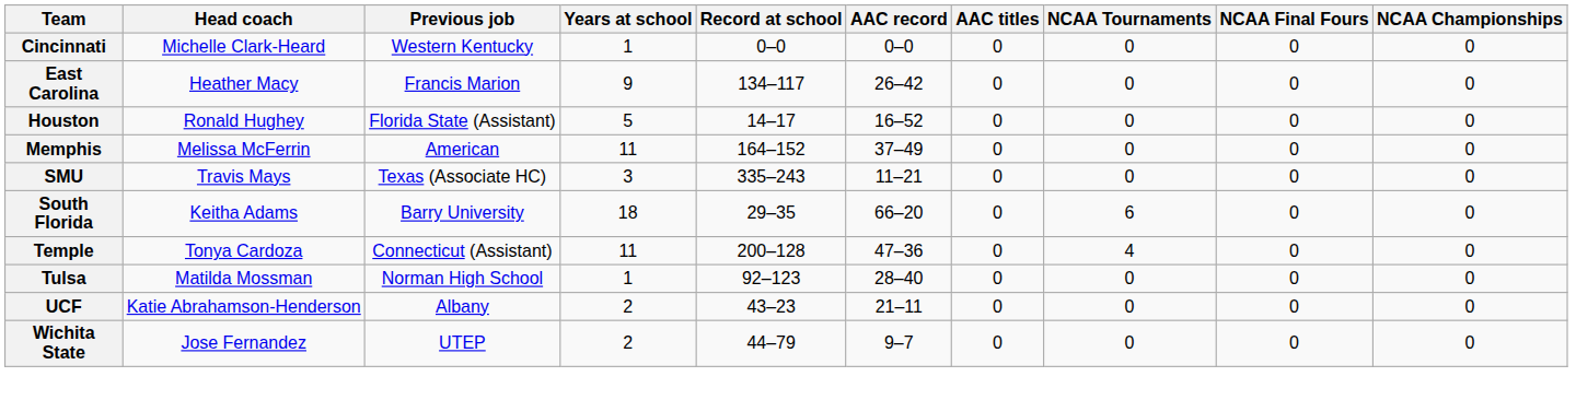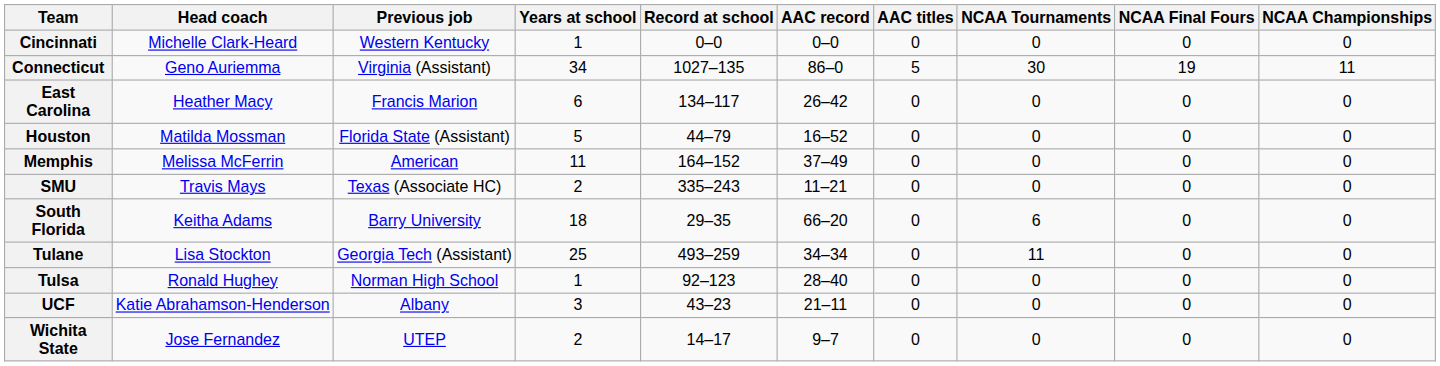 <table class="wikitable sortable" style="text-align: center;font-size:90%;">
 <tr>
 <th width="90">Team</th>
 <th>Head coach</th>
 <th>Previous job</th>
 <th>Years at school</th>
 <th>Record at school</th>
 <th>AAC record</th>
 <th>AAC titles</th>
 <th>NCAA Tournaments</th>
 <th>NCAA Final Fours</th>
 <th>NCAA Championships</th>
 </tr>
 <tr>
 <th>Cincinnati</th>
 <td><a href='#'>Michelle Clark-Heard</a></td>
 <td><a href='#'>Western Kentucky</a></td>
 <td>1</td>
 <td>0–0</td>
 <td>0–0</td>
 <td>0</td>
 <td>0</td>
 <td>0</td>
 <td>0</td>
 </tr>
 <tr>
+<th>Connecticut</th>
+<td><a href='#'>Geno Auriemma</a></td>
+<td><a href='#'>Virginia</a> (Assistant)</td>
+<td>34</td>
+<td>1027–135</td>
+<td>86–0</td>
+<td>5</td>
+<td>30</td>
+<td>19</td>
+<td>11</td>
+</tr>
+<tr>
 <th>East Carolina</th>
 <td><a href='#'>Heather Macy</a></td>
 <td><a href='#'>Francis Marion</a></td>
-<td>9</td>
+<td>6</td>
 <td>134–117</td>
 <td>26–42</td>
 <td>0</td>
 <td>0</td>
 <td>0</td>
 <td>0</td>
 </tr>
 <tr>
 <th>Houston</th>
-<td><a href='#'>Ronald Hughey</a></td>
+<td><a href='#'>Matilda Mossman</a></td>
 <td><a href='#'>Florida State</a> (Assistant)</td>
 <td>5</td>
-<td>14–17</td>
+<td>44–79</td>
 <td>16–52</td>
 <td>0</td>
 <td>0</td>
 <td>0</td>
 <td>0</td>
 </tr>
 <tr>
 <th>Memphis</th>
 <td><a href='#'>Melissa McFerrin</a></td>
 <td><a href='#'>American</a></td>
 <td>11</td>
 <td>164–152</td>
 <td>37–49</td>
 <td>0</td>
 <td>0</td>
 <td>0</td>
 <td>0</td>
 </tr>
 <tr>
 <th>SMU</th>
 <td><a href='#'>Travis Mays</a></td>
 <td><a href='#'>Texas</a> (Associate HC)</td>
-<td>3</td>
+<td>2</td>
 <td>335–243</td>
 <td>11–21</td>
 <td>0</td>
 <td>0</td>
 <td>0</td>
 <td>0</td>
 </tr>
 <tr>
 <th>South Florida</th>
 <td><a href='#'>Keitha Adams</a></td>
 <td><a href='#'>Barry University</a></td>
 <td>18</td>
 <td>29–35</td>
 <td>66–20</td>
 <td>0</td>
 <td>6</td>
 <td>0</td>
 <td>0</td>
 </tr>
 <tr>
-<th>Temple</th>
-<td><a href='#'>Tonya Cardoza</a></td>
-<td><a href='#'>Connecticut</a> (Assistant)</td>
+<th>Tulane</th>
+<td><a href='#'>Lisa Stockton</a></td>
+<td><a href='#'>Georgia Tech</a> (Assistant)</td>
+<td>25</td>
+<td>493–259</td>
+<td>34–34</td>
+<td>0</td>
 <td>11</td>
-<td>200–128</td>
-<td>47–36</td>
-<td>0</td>
-<td>4</td>
 <td>0</td>
 <td>0</td>
 </tr>
 <tr>
 <th>Tulsa</th>
-<td><a href='#'>Matilda Mossman</a></td>
+<td><a href='#'>Ronald Hughey</a></td>
 <td><a href='#'>Norman High School</a></td>
 <td>1</td>
 <td>92–123</td>
 <td>28–40</td>
 <td>0</td>
 <td>0</td>
 <td>0</td>
 <td>0</td>
 </tr>
 <tr>
 <th>UCF</th>
 <td><a href='#'>Katie Abrahamson-Henderson</a></td>
 <td><a href='#'>Albany</a></td>
-<td>2</td>
+<td>3</td>
 <td>43–23</td>
 <td>21–11</td>
 <td>0</td>
 <td>0</td>
 <td>0</td>
 <td>0</td>
 </tr>
 <tr>
 <th>Wichita State</th>
 <td><a href='#'>Jose Fernandez</a></td>
 <td><a href='#'>UTEP</a></td>
 <td>2</td>
-<td>44–79</td>
+<td>14–17</td>
 <td>9–7</td>
 <td>0</td>
 <td>0</td>
 <td>0</td>
 <td>0</td>
 </tr>
 </table>
